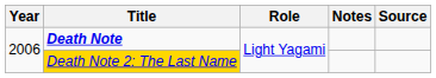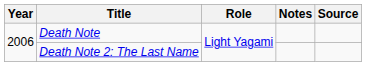 <table class="wikitable sortable plainrowheaders">
 <tr>
 <th>Year</th>
 <th>Title</th>
 <th>Role</th>
 <th class="unsortable">Notes</th>
 <th class="unsortable">Source</th>
 </tr>
 <tr>
 <td rowspan="2">2006</td>
-<td><strong><em><a href='#'>Death Note</a></em></strong></td>
+<td><em><a href='#'>Death Note</a></em></td>
 <td rowspan="2"><a href='#'>Light Yagami</a></td>
 <td></td>
 <td></td>
 </tr>
 <tr>
-<td style="background: gold;"><em><a href='#'>Death Note 2: The Last Name</a></em></td>
+<td><em><a href='#'>Death Note 2: The Last Name</a></em></td>
 <td></td>
 <td></td>
 </tr>
 </table>
